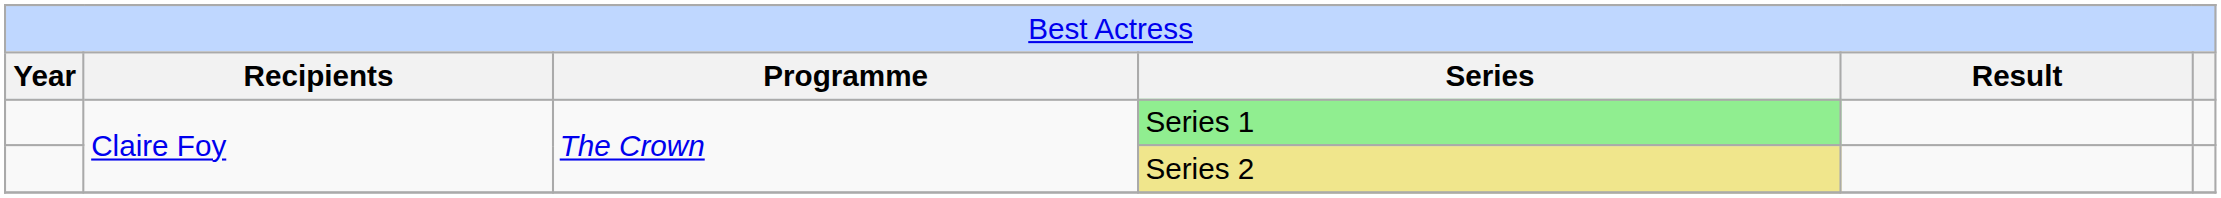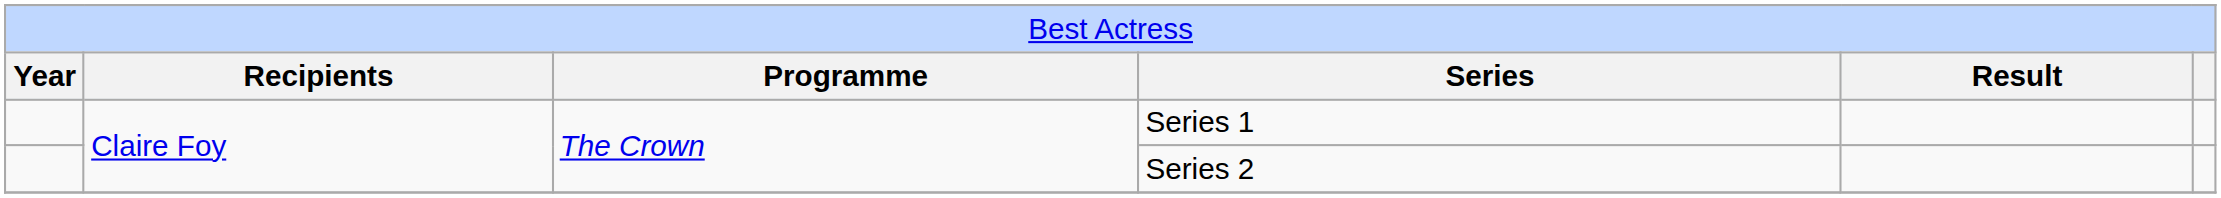 <table class="wikitable plainrowheaders" style="font-size: 90%" width=85%>
 <tr>
 </tr>
 <tr ---- bgcolor="#bfd7ff">
 <td colspan=6 align=center><a href='#'>Best Actress</a></td>
 </tr>
 <tr ---- bgcolor="#ebf5ff">
 <th scope="col" style="width:2%;">Year</th>
 <th scope="col" style="width:20%;">Recipients</th>
 <th scope="col" style="width:25%;">Programme</th>
 <th scope="col" style="width:30%;">Series</th>
 <th scope="col" style="width:15%;">Result</th>
 <th scope="col" class="unsortable" style="width:1%;"></th>
 </tr>
 <tr>
 <td></td>
 <td rowspan="2"><a href='#'>Claire Foy</a></td>
 <td rowspan="2"><em><a href='#'>The Crown</a></em></td>
-<td style="background: lightgreen;">Series 1</td>
+<td>Series 1</td>
 <td></td>
 <td></td>
 </tr>
 <tr>
 <td></td>
-<td style="background: khaki;">Series 2</td>
+<td>Series 2</td>
 <td></td>
 <td></td>
 </tr>
 <tr>
 </tr>
 </table>
